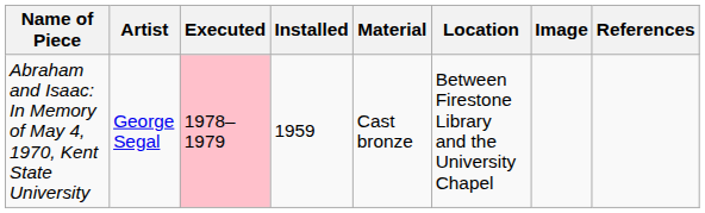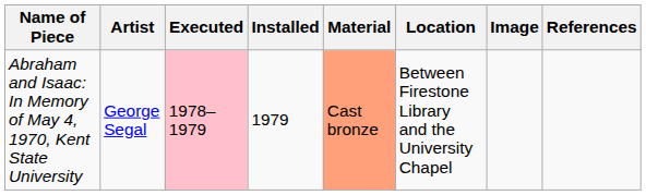 <table class="wikitable sortable">
 <tr>
 <th>Name of Piece</th>
 <th>Artist</th>
 <th>Executed</th>
 <th>Installed</th>
 <th>Material</th>
 <th>Location</th>
 <th>Image</th>
 <th>References</th>
 </tr>
 <tr>
 <td><em>Abraham and Isaac: In Memory of May 4, 1970, Kent State University</em></td>
 <td><a href='#'>George Segal</a></td>
 <td style="background: pink;">1978–1979</td>
-<td>1959</td>
-<td>Cast bronze</td>
+<td>1979</td>
+<td style="background: lightsalmon;">Cast bronze</td>
 <td>Between Firestone Library and the University Chapel</td>
 <td></td>
 <td style="text-align:center;"></td>
 </tr>
 </table>
